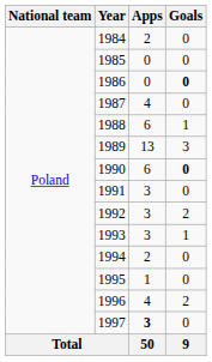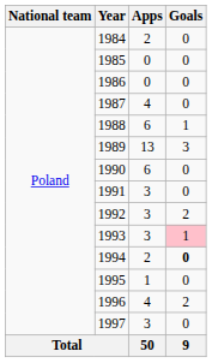 <table class="wikitable" style="text-align:center">
 <tr>
 <th>National team</th>
 <th>Year</th>
 <th>Apps</th>
 <th>Goals</th>
 </tr>
 <tr>
 <td rowspan="14"><a href='#'>Poland</a></td>
 <td>1984</td>
 <td>2</td>
 <td>0</td>
 </tr>
 <tr>
 <td>1985</td>
 <td>0</td>
 <td>0</td>
 </tr>
 <tr>
 <td>1986</td>
 <td>0</td>
-<td><strong>0</strong></td>
+<td>0</td>
 </tr>
 <tr>
 <td>1987</td>
 <td>4</td>
 <td>0</td>
 </tr>
 <tr>
 <td>1988</td>
 <td>6</td>
 <td>1</td>
 </tr>
 <tr>
 <td>1989</td>
 <td>13</td>
 <td>3</td>
 </tr>
 <tr>
 <td>1990</td>
 <td>6</td>
-<td><strong>0</strong></td>
+<td>0</td>
 </tr>
 <tr>
 <td>1991</td>
 <td>3</td>
 <td>0</td>
 </tr>
 <tr>
 <td>1992</td>
 <td>3</td>
 <td>2</td>
 </tr>
 <tr>
 <td>1993</td>
 <td>3</td>
-<td>1</td>
+<td style="background: pink;">1</td>
 </tr>
 <tr>
 <td>1994</td>
 <td>2</td>
-<td>0</td>
+<td><strong>0</strong></td>
 </tr>
 <tr>
 <td>1995</td>
 <td>1</td>
 <td>0</td>
 </tr>
 <tr>
 <td>1996</td>
 <td>4</td>
 <td>2</td>
 </tr>
 <tr>
 <td>1997</td>
-<td><strong>3</strong></td>
+<td>3</td>
 <td>0</td>
 </tr>
 <tr>
 <th colspan="2">Total</th>
 <th>50</th>
 <th>9</th>
 </tr>
 </table>
